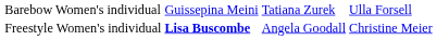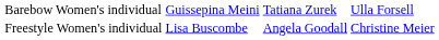 <table>
 <tr>
 <td>Barebow Women's individual<br></td>
 <td> <a href='#'>Guissepina Meini</a></td>
 <td> <a href='#'>Tatiana Zurek</a></td>
 <td> <a href='#'>Ulla Forsell</a></td>
 </tr>
 <tr>
 <td>Freestyle Women's individual<br></td>
-<td><strong> <a href='#'>Lisa Buscombe</a></strong></td>
+<td> <a href='#'>Lisa Buscombe</a></td>
 <td> <a href='#'>Angela Goodall</a></td>
 <td> <a href='#'>Christine Meier</a></td>
 </tr>
 </table>
